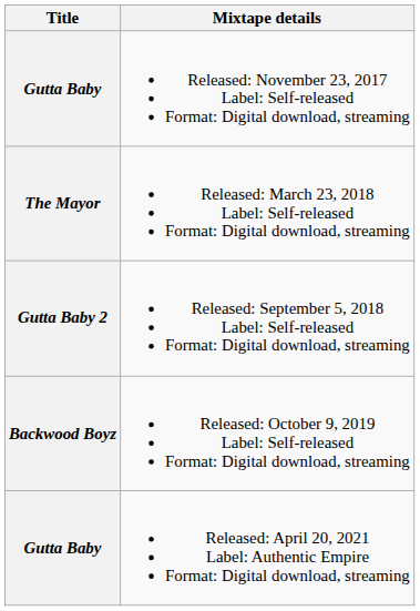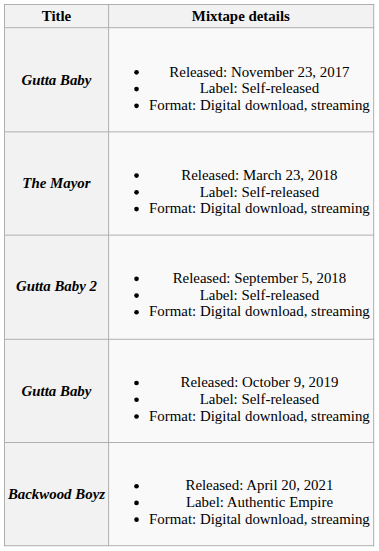 <table class="wikitable plainrowheaders" style="text-align:center;">
 <tr>
 <th>Title</th>
 <th>Mixtape details</th>
 </tr>
 <tr>
 <th scope="row"><em>Gutta Baby</em></th>
 <td><br><ul><li>Released: November 23, 2017</li><li>Label: Self-released</li><li>Format: Digital download, streaming</li></ul></td>
 </tr>
 <tr>
 <th scope="row"><em>The Mayor</em></th>
 <td><br><ul><li>Released: March 23, 2018</li><li>Label: Self-released</li><li>Format: Digital download, streaming</li></ul></td>
 </tr>
 <tr>
 <th scope="row"><em>Gutta Baby 2</em></th>
 <td><br><ul><li>Released: September 5, 2018</li><li>Label: Self-released</li><li>Format: Digital download, streaming</li></ul></td>
 </tr>
 <tr>
-<th scope="row"><em>Backwood Boyz</em><br></th>
+<th scope="row"><em>Gutta Baby </em></th>
 <td><br><ul><li>Released: October 9, 2019</li><li>Label: Self-released</li><li>Format: Digital download, streaming</li></ul></td>
 </tr>
 <tr>
-<th scope="row"><em>Gutta Baby </em></th>
+<th scope="row"><em>Backwood Boyz</em><br></th>
 <td><br><ul><li>Released: April 20, 2021</li><li>Label: Authentic Empire</li><li>Format: Digital download, streaming</li></ul></td>
 </tr>
 </table>
